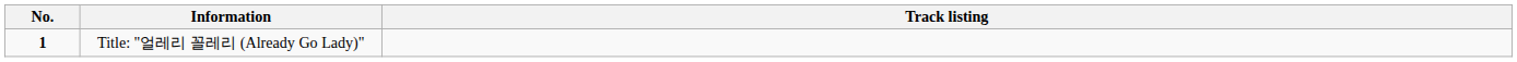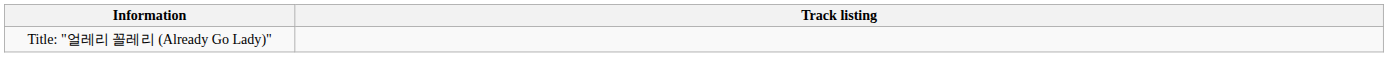 <table class="wikitable" style="width:99%;">
 <tr>
-<th width="5%">No.</th>
 <th width="20%">Information</th>
 <th width="75%">Track listing</th>
 </tr>
 <tr>
-<td align="center"><strong>1</strong></td>
 <td align="center">Title: "얼레리 꼴레리 (Already Go Lady)"<br> </td>
 <td align="left" style="font-size: 90%;"><br></td>
 </tr>
 </table>
